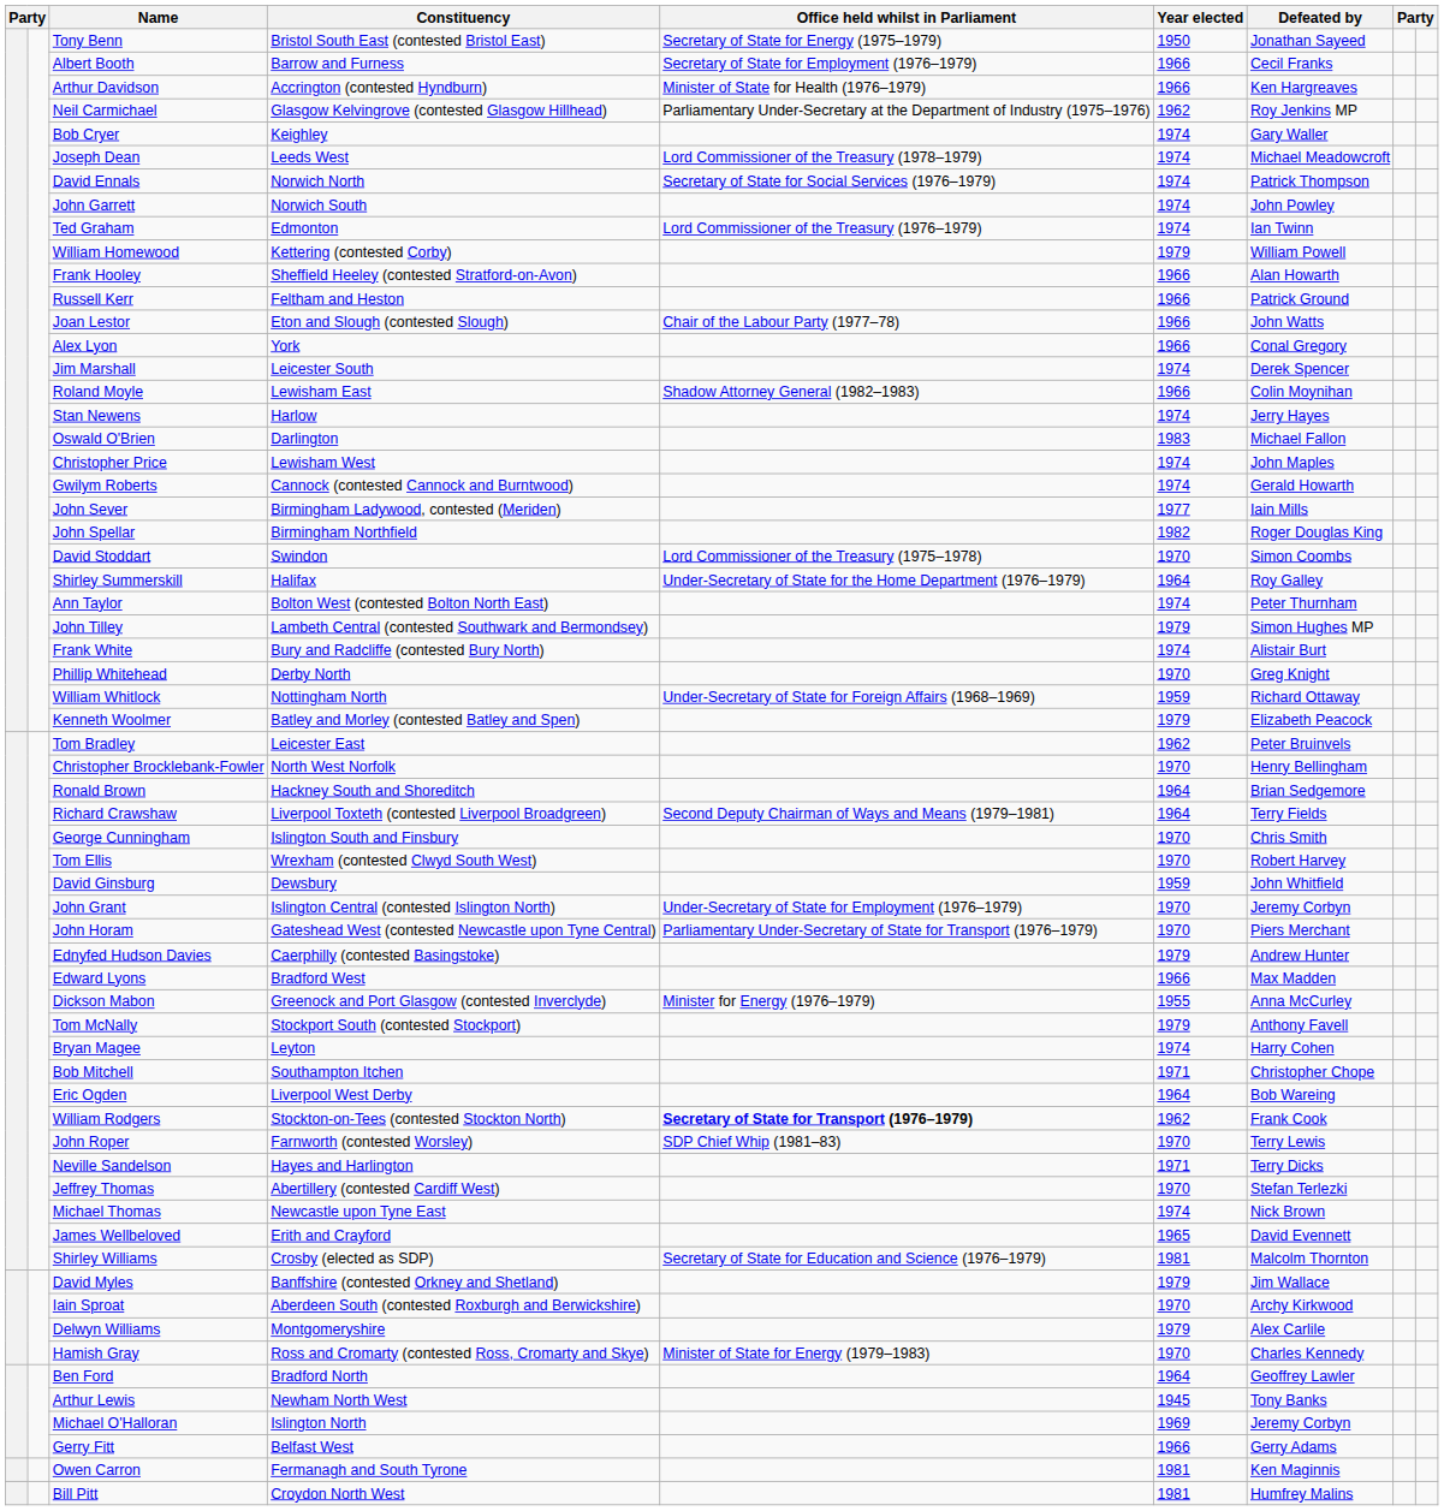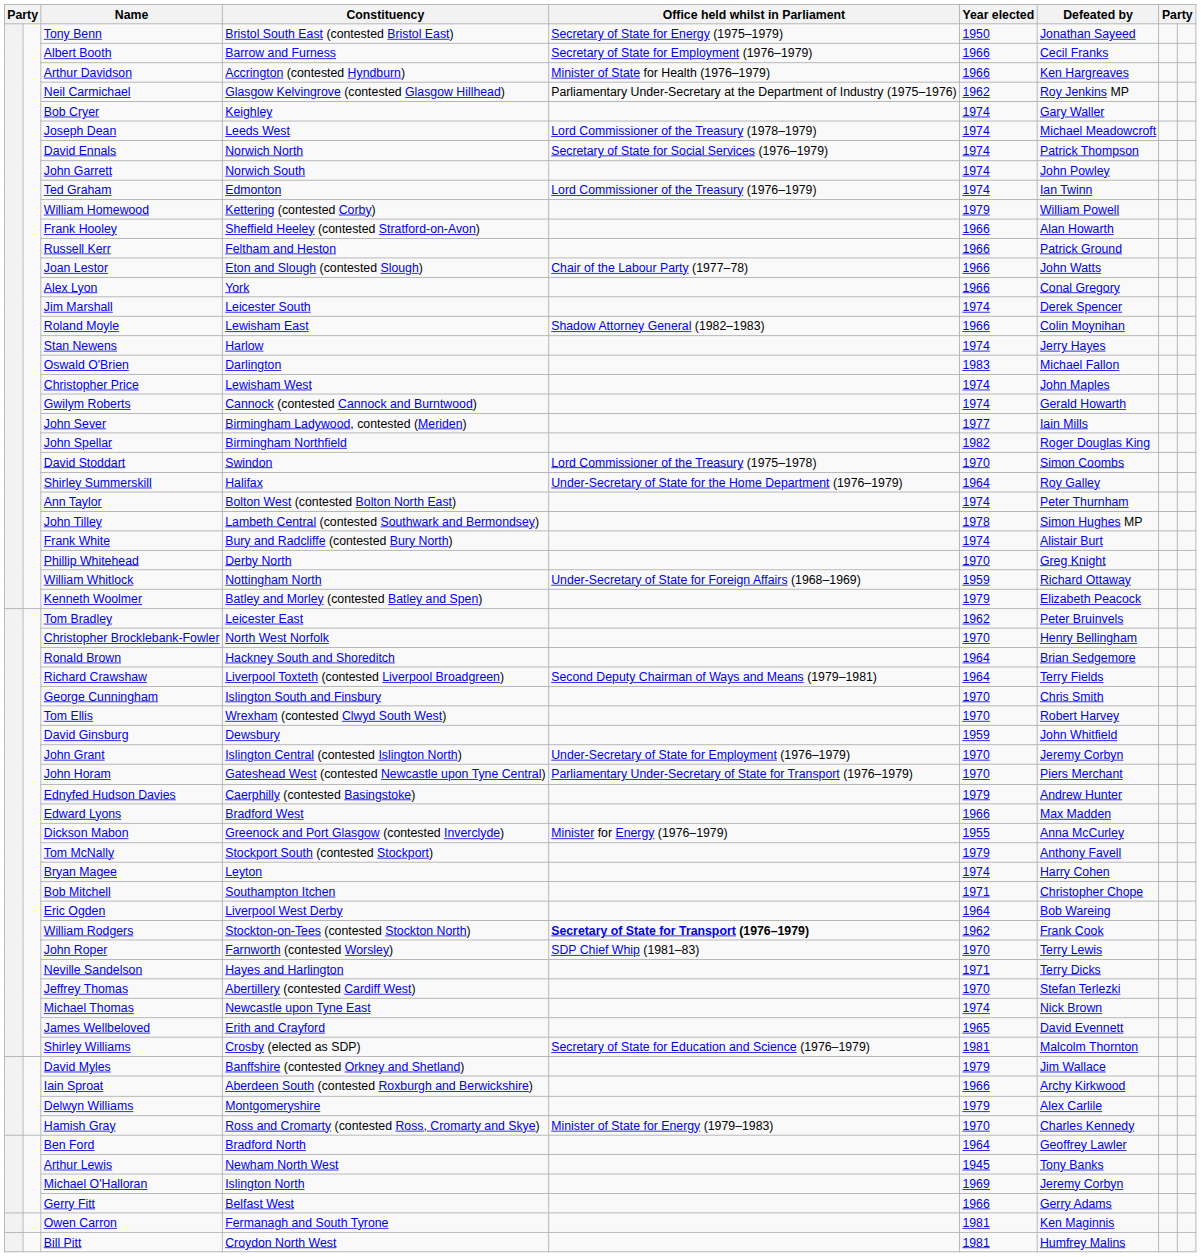 <table class="wikitable sortable" style="font-size: 95%;">
 <tr>
 <th colspan="2">Party</th>
 <th>Name</th>
 <th>Constituency</th>
 <th>Office held whilst in Parliament</th>
 <th>Year elected</th>
 <th>Defeated by</th>
 <th colspan="2">Party</th>
 </tr>
 <tr>
 <th rowspan=30 style="background-color: "></th>
 <td rowspan=30></td>
 <td><a href='#'>Tony Benn</a></td>
 <td><a href='#'>Bristol South East</a> (contested <a href='#'>Bristol East</a>)</td>
 <td><a href='#'>Secretary of State for Energy</a> (1975–1979)</td>
 <td><a href='#'>1950</a></td>
 <td><a href='#'>Jonathan Sayeed</a></td>
 <td style="background-color: "></td>
 <td></td>
 </tr>
 <tr>
 <td><a href='#'>Albert Booth</a></td>
 <td><a href='#'>Barrow and Furness</a></td>
 <td><a href='#'>Secretary of State for Employment</a> (1976–1979)</td>
 <td><a href='#'>1966</a></td>
 <td><a href='#'>Cecil Franks</a></td>
 <td style="background-color: "></td>
 <td></td>
 </tr>
 <tr>
 <td><a href='#'>Arthur Davidson</a></td>
 <td><a href='#'>Accrington</a> (contested <a href='#'>Hyndburn</a>)</td>
 <td><a href='#'>Minister of State</a> for Health (1976–1979)</td>
 <td><a href='#'>1966</a></td>
 <td><a href='#'>Ken Hargreaves</a></td>
 <td style="background-color: "></td>
 <td></td>
 </tr>
 <tr>
 <td><a href='#'>Neil Carmichael</a></td>
 <td><a href='#'>Glasgow Kelvingrove</a> (contested <a href='#'>Glasgow Hillhead</a>)</td>
 <td>Parliamentary Under-Secretary at the Department of Industry (1975–1976)</td>
 <td><a href='#'>1962</a></td>
 <td><a href='#'>Roy Jenkins</a> MP</td>
 <td style="background-color: "></td>
 <td></td>
 </tr>
 <tr>
 <td><a href='#'>Bob Cryer</a></td>
 <td><a href='#'>Keighley</a></td>
 <td></td>
 <td><a href='#'>1974</a></td>
 <td><a href='#'>Gary Waller</a></td>
 <td style="background-color: "></td>
 <td></td>
 </tr>
 <tr>
 <td><a href='#'>Joseph Dean</a></td>
 <td><a href='#'>Leeds West</a></td>
 <td><a href='#'>Lord Commissioner of the Treasury</a> (1978–1979)</td>
 <td><a href='#'>1974</a></td>
 <td><a href='#'>Michael Meadowcroft</a></td>
 <td style="background-color: "></td>
 <td></td>
 </tr>
 <tr>
 <td><a href='#'>David Ennals</a></td>
 <td><a href='#'>Norwich North</a></td>
 <td><a href='#'>Secretary of State for Social Services</a> (1976–1979)</td>
 <td><a href='#'>1974</a></td>
 <td><a href='#'>Patrick Thompson</a></td>
 <td style="background-color: "></td>
 <td></td>
 </tr>
 <tr>
 <td><a href='#'>John Garrett</a></td>
 <td><a href='#'>Norwich South</a></td>
 <td></td>
 <td><a href='#'>1974</a></td>
 <td><a href='#'>John Powley</a></td>
 <td style="background-color: "></td>
 <td></td>
 </tr>
 <tr>
 <td><a href='#'>Ted Graham</a></td>
 <td><a href='#'>Edmonton</a></td>
 <td><a href='#'>Lord Commissioner of the Treasury</a> (1976–1979)</td>
 <td><a href='#'>1974</a></td>
 <td><a href='#'>Ian Twinn</a></td>
 <td style="background-color: "></td>
 <td></td>
 </tr>
 <tr>
 <td><a href='#'>William Homewood</a></td>
 <td><a href='#'>Kettering</a> (contested <a href='#'>Corby</a>)</td>
 <td></td>
 <td><a href='#'>1979</a></td>
 <td><a href='#'>William Powell</a></td>
 <td style="background-color: "></td>
 <td></td>
 </tr>
 <tr>
 <td><a href='#'>Frank Hooley</a></td>
 <td><a href='#'>Sheffield Heeley</a> (contested <a href='#'>Stratford-on-Avon</a>)</td>
 <td></td>
 <td><a href='#'>1966</a></td>
 <td><a href='#'>Alan Howarth</a></td>
 <td style="background-color: "></td>
 <td></td>
 </tr>
 <tr>
 <td><a href='#'>Russell Kerr</a></td>
 <td><a href='#'>Feltham and Heston</a></td>
 <td></td>
 <td><a href='#'>1966</a></td>
 <td><a href='#'>Patrick Ground</a></td>
 <td style="background-color: "></td>
 <td></td>
 </tr>
 <tr>
 <td><a href='#'>Joan Lestor</a></td>
 <td><a href='#'>Eton and Slough</a> (contested <a href='#'>Slough</a>)</td>
 <td><a href='#'>Chair of the Labour Party</a> (1977–78)</td>
 <td><a href='#'>1966</a></td>
 <td><a href='#'>John Watts</a></td>
 <td style="background-color: "></td>
 <td></td>
 </tr>
 <tr>
 <td><a href='#'>Alex Lyon</a></td>
 <td><a href='#'>York</a></td>
 <td></td>
 <td><a href='#'>1966</a></td>
 <td><a href='#'>Conal Gregory</a></td>
 <td style="background-color: "></td>
 <td></td>
 </tr>
 <tr>
 <td><a href='#'>Jim Marshall</a></td>
 <td><a href='#'>Leicester South</a></td>
 <td></td>
 <td><a href='#'>1974</a></td>
 <td><a href='#'>Derek Spencer</a></td>
 <td style="background-color: "></td>
 <td></td>
 </tr>
 <tr>
 <td><a href='#'>Roland Moyle</a></td>
 <td><a href='#'>Lewisham East</a></td>
 <td><a href='#'>Shadow Attorney General</a> (1982–1983)</td>
 <td><a href='#'>1966</a></td>
 <td><a href='#'>Colin Moynihan</a></td>
 <td style="background-color: "></td>
 <td></td>
 </tr>
 <tr>
 <td><a href='#'>Stan Newens</a></td>
 <td><a href='#'>Harlow</a></td>
 <td></td>
 <td><a href='#'>1974</a></td>
 <td><a href='#'>Jerry Hayes</a></td>
 <td style="background-color: "></td>
 <td></td>
 </tr>
 <tr>
 <td><a href='#'>Oswald O'Brien</a></td>
 <td><a href='#'>Darlington</a></td>
 <td></td>
 <td><a href='#'>1983</a></td>
 <td><a href='#'>Michael Fallon</a></td>
 <td style="background-color: "></td>
 <td></td>
 </tr>
 <tr>
 <td><a href='#'>Christopher Price</a></td>
 <td><a href='#'>Lewisham West</a></td>
 <td></td>
 <td><a href='#'>1974</a></td>
 <td><a href='#'>John Maples</a></td>
 <td style="background-color: "></td>
 <td></td>
 </tr>
 <tr>
 <td><a href='#'>Gwilym Roberts</a></td>
 <td><a href='#'>Cannock</a> (contested <a href='#'>Cannock and Burntwood</a>)</td>
 <td></td>
 <td><a href='#'>1974</a></td>
 <td><a href='#'>Gerald Howarth</a></td>
 <td style="background-color: "></td>
 <td></td>
 </tr>
 <tr>
 <td><a href='#'>John Sever</a></td>
 <td><a href='#'>Birmingham Ladywood</a>, contested (<a href='#'>Meriden</a>)</td>
 <td></td>
 <td><a href='#'>1977</a></td>
 <td><a href='#'>Iain Mills</a></td>
 <td style="background-color: "></td>
 <td></td>
 </tr>
 <tr>
 <td><a href='#'>John Spellar</a></td>
 <td><a href='#'>Birmingham Northfield</a></td>
 <td></td>
 <td><a href='#'>1982</a></td>
 <td><a href='#'>Roger Douglas King</a></td>
 <td style="background-color: "></td>
 <td></td>
 </tr>
 <tr>
 <td><a href='#'>David Stoddart</a></td>
 <td><a href='#'>Swindon</a></td>
 <td><a href='#'>Lord Commissioner of the Treasury</a> (1975–1978)</td>
 <td><a href='#'>1970</a></td>
 <td><a href='#'>Simon Coombs</a></td>
 <td style="background-color: "></td>
 <td></td>
 </tr>
 <tr>
 <td><a href='#'>Shirley Summerskill</a></td>
 <td><a href='#'>Halifax</a></td>
 <td><a href='#'>Under-Secretary of State for the Home Department</a> (1976–1979)</td>
 <td><a href='#'>1964</a></td>
 <td><a href='#'>Roy Galley</a></td>
 <td style="background-color: "></td>
 <td></td>
 </tr>
 <tr>
 <td><a href='#'>Ann Taylor</a></td>
 <td><a href='#'>Bolton West</a> (contested <a href='#'>Bolton North East</a>)</td>
 <td></td>
 <td><a href='#'>1974</a></td>
 <td><a href='#'>Peter Thurnham</a></td>
 <td style="background-color: "></td>
 <td></td>
 </tr>
 <tr>
 <td><a href='#'>John Tilley</a></td>
 <td><a href='#'>Lambeth Central</a> (contested <a href='#'>Southwark and Bermondsey</a>)</td>
 <td></td>
-<td><a href='#'>1979</a></td>
+<td><a href='#'>1978</a></td>
 <td><a href='#'>Simon Hughes</a> MP</td>
 <td style="background-color: "></td>
 <td></td>
 </tr>
 <tr>
 <td><a href='#'>Frank White</a></td>
 <td><a href='#'>Bury and Radcliffe</a> (contested <a href='#'>Bury North</a>)</td>
 <td></td>
 <td><a href='#'>1974</a></td>
 <td><a href='#'>Alistair Burt</a></td>
 <td style="background-color: "></td>
 <td></td>
 </tr>
 <tr>
 <td><a href='#'>Phillip Whitehead</a></td>
 <td><a href='#'>Derby North</a></td>
 <td></td>
 <td><a href='#'>1970</a></td>
 <td><a href='#'>Greg Knight</a></td>
 <td style="background-color: "></td>
 <td></td>
 </tr>
 <tr>
 <td><a href='#'>William Whitlock</a></td>
 <td><a href='#'>Nottingham North</a></td>
 <td><a href='#'>Under-Secretary of State for Foreign Affairs</a> (1968–1969)</td>
 <td><a href='#'>1959</a></td>
 <td><a href='#'>Richard Ottaway</a></td>
 <td style="background-color: "></td>
 <td></td>
 </tr>
 <tr>
 <td><a href='#'>Kenneth Woolmer</a></td>
 <td><a href='#'>Batley and Morley</a> (contested <a href='#'>Batley and Spen</a>)</td>
 <td></td>
 <td><a href='#'>1979</a></td>
 <td><a href='#'>Elizabeth Peacock</a></td>
 <td style="background-color: "></td>
 <td></td>
 </tr>
 <tr>
 <th rowspan=23 style="background-color: "></th>
 <td rowspan=23></td>
 <td><a href='#'>Tom Bradley</a></td>
 <td><a href='#'>Leicester East</a></td>
 <td></td>
 <td><a href='#'>1962</a></td>
 <td><a href='#'>Peter Bruinvels</a></td>
 <td style="background-color: "></td>
 <td></td>
 </tr>
 <tr>
 <td><a href='#'>Christopher Brocklebank-Fowler</a></td>
 <td><a href='#'>North West Norfolk</a></td>
 <td></td>
 <td><a href='#'>1970</a></td>
 <td><a href='#'>Henry Bellingham</a></td>
 <td style="background-color: "></td>
 <td></td>
 </tr>
 <tr>
 <td><a href='#'>Ronald Brown</a></td>
 <td><a href='#'>Hackney South and Shoreditch</a></td>
 <td></td>
 <td><a href='#'>1964</a></td>
 <td><a href='#'>Brian Sedgemore</a></td>
 <td style="background-color: "></td>
 <td></td>
 </tr>
 <tr>
 <td><a href='#'>Richard Crawshaw</a></td>
 <td><a href='#'>Liverpool Toxteth</a> (contested <a href='#'>Liverpool Broadgreen</a>)</td>
 <td><a href='#'>Second Deputy Chairman of Ways and Means</a> (1979–1981)</td>
 <td><a href='#'>1964</a></td>
 <td><a href='#'>Terry Fields</a></td>
 <td style="background-color: "></td>
 <td></td>
 </tr>
 <tr>
 <td><a href='#'>George Cunningham</a></td>
 <td><a href='#'>Islington South and Finsbury</a></td>
 <td></td>
 <td><a href='#'>1970</a></td>
 <td><a href='#'>Chris Smith</a></td>
 <td style="background-color: "></td>
 <td></td>
 </tr>
 <tr>
 <td><a href='#'>Tom Ellis</a></td>
 <td><a href='#'>Wrexham</a> (contested <a href='#'>Clwyd South West</a>)</td>
 <td></td>
 <td><a href='#'>1970</a></td>
 <td><a href='#'>Robert Harvey</a></td>
 <td style="background-color: "></td>
 <td></td>
 </tr>
 <tr>
 <td><a href='#'>David Ginsburg</a></td>
 <td><a href='#'>Dewsbury</a></td>
 <td></td>
 <td><a href='#'>1959</a></td>
 <td><a href='#'>John Whitfield</a></td>
 <td style="background-color: "></td>
 <td></td>
 </tr>
 <tr>
 <td><a href='#'>John Grant</a></td>
 <td><a href='#'>Islington Central</a> (contested <a href='#'>Islington North</a>)</td>
 <td><a href='#'>Under-Secretary of State for Employment</a> (1976–1979)</td>
 <td><a href='#'>1970</a></td>
 <td><a href='#'>Jeremy Corbyn</a></td>
 <td style="background-color: "></td>
 <td></td>
 </tr>
 <tr>
 <td><a href='#'>John Horam</a></td>
 <td><a href='#'>Gateshead West</a> (contested <a href='#'>Newcastle upon Tyne Central</a>)</td>
 <td><a href='#'>Parliamentary Under-Secretary of State for Transport</a> (1976–1979)</td>
 <td><a href='#'>1970</a></td>
 <td><a href='#'>Piers Merchant</a></td>
 <td style="background-color: "></td>
 <td></td>
 </tr>
 <tr>
 <td><a href='#'>Ednyfed Hudson Davies</a></td>
 <td><a href='#'>Caerphilly</a> (contested <a href='#'>Basingstoke</a>)</td>
 <td></td>
 <td><a href='#'>1979</a></td>
 <td><a href='#'>Andrew Hunter</a></td>
 <td style="background-color: "></td>
 <td></td>
 </tr>
 <tr>
 <td><a href='#'>Edward Lyons</a></td>
 <td><a href='#'>Bradford West</a></td>
 <td></td>
 <td><a href='#'>1966</a></td>
 <td><a href='#'>Max Madden</a></td>
 <td style="background-color: "></td>
 <td></td>
 </tr>
 <tr>
 <td><a href='#'>Dickson Mabon</a></td>
 <td><a href='#'>Greenock and Port Glasgow</a> (contested <a href='#'>Inverclyde</a>)</td>
 <td><a href='#'>Minister</a> for <a href='#'>Energy</a> (1976–1979)</td>
 <td><a href='#'>1955</a></td>
 <td><a href='#'>Anna McCurley</a></td>
 <td style="background-color: "></td>
 <td></td>
 </tr>
 <tr>
 <td><a href='#'>Tom McNally</a></td>
 <td><a href='#'>Stockport South</a> (contested <a href='#'>Stockport</a>)</td>
 <td></td>
 <td><a href='#'>1979</a></td>
 <td><a href='#'>Anthony Favell</a></td>
 <td style="background-color: "></td>
 <td></td>
 </tr>
 <tr>
 <td><a href='#'>Bryan Magee</a></td>
 <td><a href='#'>Leyton</a></td>
 <td></td>
 <td><a href='#'>1974</a></td>
 <td><a href='#'>Harry Cohen</a></td>
 <td style="background-color: "></td>
 <td></td>
 </tr>
 <tr>
 <td><a href='#'>Bob Mitchell</a></td>
 <td><a href='#'>Southampton Itchen</a></td>
 <td></td>
 <td><a href='#'>1971</a></td>
 <td><a href='#'>Christopher Chope</a></td>
 <td style="background-color: "></td>
 <td></td>
 </tr>
 <tr>
 <td><a href='#'>Eric Ogden</a></td>
 <td><a href='#'>Liverpool West Derby</a></td>
 <td></td>
 <td><a href='#'>1964</a></td>
 <td><a href='#'>Bob Wareing</a></td>
 <td style="background-color: "></td>
 <td></td>
 </tr>
 <tr>
 <td><a href='#'>William Rodgers</a></td>
 <td><a href='#'>Stockton-on-Tees</a> (contested <a href='#'>Stockton North</a>)</td>
 <td><strong><a href='#'>Secretary of State for Transport</a> (1976–1979)</strong></td>
 <td><a href='#'>1962</a></td>
 <td><a href='#'>Frank Cook</a></td>
 <td style="background-color: "></td>
 <td></td>
 </tr>
 <tr>
 <td><a href='#'>John Roper</a></td>
 <td><a href='#'>Farnworth</a> (contested <a href='#'>Worsley</a>)</td>
 <td><a href='#'>SDP Chief Whip</a> (1981–83)</td>
 <td><a href='#'>1970</a></td>
 <td><a href='#'>Terry Lewis</a></td>
 <td style="background-color: "></td>
 <td></td>
 </tr>
 <tr>
 <td><a href='#'>Neville Sandelson</a></td>
 <td><a href='#'>Hayes and Harlington</a></td>
 <td></td>
 <td><a href='#'>1971</a></td>
 <td><a href='#'>Terry Dicks</a></td>
 <td style="background-color: "></td>
 <td></td>
 </tr>
 <tr>
 <td><a href='#'>Jeffrey Thomas</a></td>
 <td><a href='#'>Abertillery</a> (contested <a href='#'>Cardiff West</a>)</td>
 <td></td>
 <td><a href='#'>1970</a></td>
 <td><a href='#'>Stefan Terlezki</a></td>
 <td style="background-color: "></td>
 <td></td>
 </tr>
 <tr>
 <td><a href='#'>Michael Thomas</a></td>
 <td><a href='#'>Newcastle upon Tyne East</a></td>
 <td></td>
 <td><a href='#'>1974</a></td>
 <td><a href='#'>Nick Brown</a></td>
 <td style="background-color: "></td>
 <td></td>
 </tr>
 <tr>
 <td><a href='#'>James Wellbeloved</a></td>
 <td><a href='#'>Erith and Crayford</a></td>
 <td></td>
 <td><a href='#'>1965</a></td>
 <td><a href='#'>David Evennett</a></td>
 <td style="background-color: "></td>
 <td></td>
 </tr>
 <tr>
 <td><a href='#'>Shirley Williams</a></td>
 <td><a href='#'>Crosby</a> (elected as SDP)</td>
 <td><a href='#'>Secretary of State for Education and Science</a> (1976–1979)</td>
 <td><a href='#'>1981</a></td>
 <td><a href='#'>Malcolm Thornton</a></td>
 <td style="background-color: "></td>
 <td></td>
 </tr>
 <tr>
 <th rowspan=4 style="background-color: "></th>
 <td rowspan=4></td>
 <td><a href='#'>David Myles</a></td>
 <td><a href='#'>Banffshire</a> (contested <a href='#'>Orkney and Shetland</a>)</td>
 <td></td>
 <td><a href='#'>1979</a></td>
 <td><a href='#'>Jim Wallace</a></td>
 <td style="background-color: "></td>
 <td></td>
 </tr>
 <tr>
 <td><a href='#'>Iain Sproat</a></td>
 <td><a href='#'>Aberdeen South</a> (contested <a href='#'>Roxburgh and Berwickshire</a>)</td>
 <td></td>
-<td><a href='#'>1970</a></td>
+<td><a href='#'>1966</a></td>
 <td><a href='#'>Archy Kirkwood</a></td>
 <td style="background-color: "></td>
 <td></td>
 </tr>
 <tr>
 <td><a href='#'>Delwyn Williams</a></td>
 <td><a href='#'>Montgomeryshire</a></td>
 <td></td>
 <td><a href='#'>1979</a></td>
 <td><a href='#'>Alex Carlile</a></td>
 <td style="background-color: "></td>
 <td></td>
 </tr>
 <tr>
 <td><a href='#'>Hamish Gray</a></td>
 <td><a href='#'>Ross and Cromarty</a> (contested <a href='#'>Ross, Cromarty and Skye</a>)</td>
 <td><a href='#'>Minister of State for Energy</a> (1979–1983)</td>
 <td><a href='#'>1970</a></td>
 <td><a href='#'>Charles Kennedy</a></td>
 <td style="background-color: "></td>
 <td></td>
 </tr>
 <tr>
 <th rowspan=4 style="background-color: "></th>
 <td rowspan=4></td>
 <td><a href='#'>Ben Ford</a></td>
 <td><a href='#'>Bradford North</a></td>
 <td></td>
 <td><a href='#'>1964</a></td>
 <td><a href='#'>Geoffrey Lawler</a></td>
 <td style="background-color: "></td>
 <td></td>
 </tr>
 <tr>
 <td><a href='#'>Arthur Lewis</a></td>
 <td><a href='#'>Newham North West</a></td>
 <td></td>
 <td><a href='#'>1945</a></td>
 <td><a href='#'>Tony Banks</a></td>
 <td style="background-color: "></td>
 <td></td>
 </tr>
 <tr>
 <td><a href='#'>Michael O'Halloran</a></td>
 <td><a href='#'>Islington North</a></td>
 <td></td>
 <td><a href='#'>1969</a></td>
 <td><a href='#'>Jeremy Corbyn</a></td>
 <td style="background-color: "></td>
 <td></td>
 </tr>
 <tr>
 <td><a href='#'>Gerry Fitt</a></td>
 <td><a href='#'>Belfast West</a></td>
 <td></td>
 <td><a href='#'>1966</a></td>
 <td><a href='#'>Gerry Adams</a></td>
 <td style="background-color: "></td>
 <td></td>
 </tr>
 <tr>
 <th rowspan=1 style="background-color: "></th>
 <td rowspan=1></td>
 <td><a href='#'>Owen Carron</a></td>
 <td><a href='#'>Fermanagh and South Tyrone</a></td>
 <td></td>
 <td><a href='#'>1981</a></td>
 <td><a href='#'>Ken Maginnis</a></td>
 <td style="background-color: "></td>
 <td></td>
 </tr>
 <tr>
 <th rowspan=1 style="background-color: "></th>
 <td rowspan=1></td>
 <td><a href='#'>Bill Pitt</a></td>
 <td><a href='#'>Croydon North West</a></td>
 <td></td>
 <td><a href='#'>1981</a></td>
 <td><a href='#'>Humfrey Malins</a></td>
 <td style="background-color: "></td>
 <td></td>
 </tr>
 </table>
